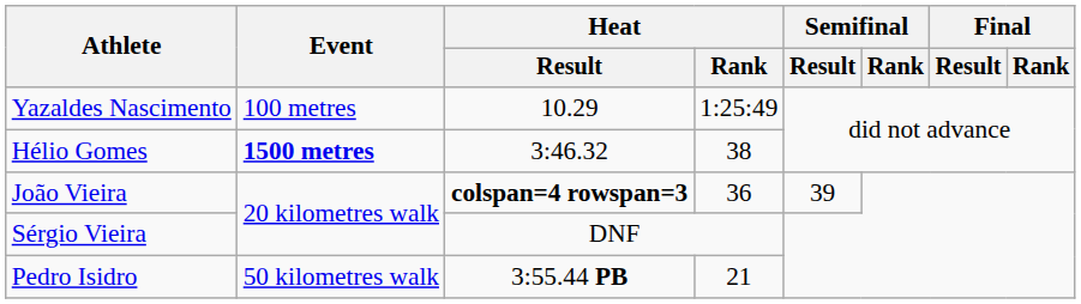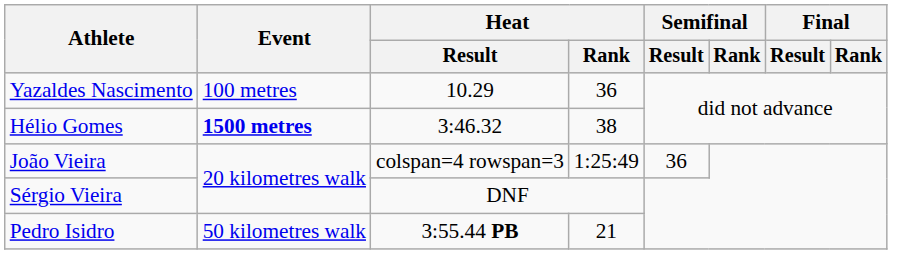 <table class="wikitable" style="font-size:90%">
 <tr>
 <th rowspan="2">Athlete</th>
 <th rowspan="2">Event</th>
 <th colspan="2">Heat</th>
 <th colspan="2">Semifinal</th>
 <th colspan="2">Final</th>
 </tr>
 <tr style="font-size:95%">
 <th>Result</th>
 <th>Rank</th>
 <th>Result</th>
 <th>Rank</th>
 <th>Result</th>
 <th>Rank</th>
 </tr>
 <tr style=text-align:center>
 <td style=text-align:left><a href='#'>Yazaldes Nascimento</a></td>
 <td style=text-align:left><a href='#'>100 metres</a></td>
 <td>10.29</td>
-<td>1:25:49</td>
+<td>36</td>
 <td colspan=4 rowspan=2>did not advance</td>
 </tr>
 <tr style=text-align:center>
 <td style=text-align:left><a href='#'>Hélio Gomes</a></td>
 <td style=text-align:left><strong><a href='#'>1500 metres</a></strong></td>
 <td>3:46.32</td>
 <td>38</td>
 </tr>
 <tr style=text-align:center>
 <td style=text-align:left><a href='#'>João Vieira</a></td>
 <td style=text-align:left rowspan=2><a href='#'>20 kilometres walk</a></td>
-<td><strong>colspan=4 rowspan=3 </strong></td>
+<td>colspan=4 rowspan=3 </td>
+<td>1:25:49</td>
 <td>36</td>
-<td>39</td>
 </tr>
 <tr style=text-align:center>
 <td style=text-align:left><a href='#'>Sérgio Vieira</a></td>
 <td colspan=2>DNF</td>
 </tr>
 <tr style=text-align:center>
 <td style=text-align:left><a href='#'>Pedro Isidro</a></td>
 <td style=text-align:left><a href='#'>50 kilometres walk</a></td>
 <td>3:55.44 <strong>PB</strong></td>
 <td>21</td>
 </tr>
 </table>
